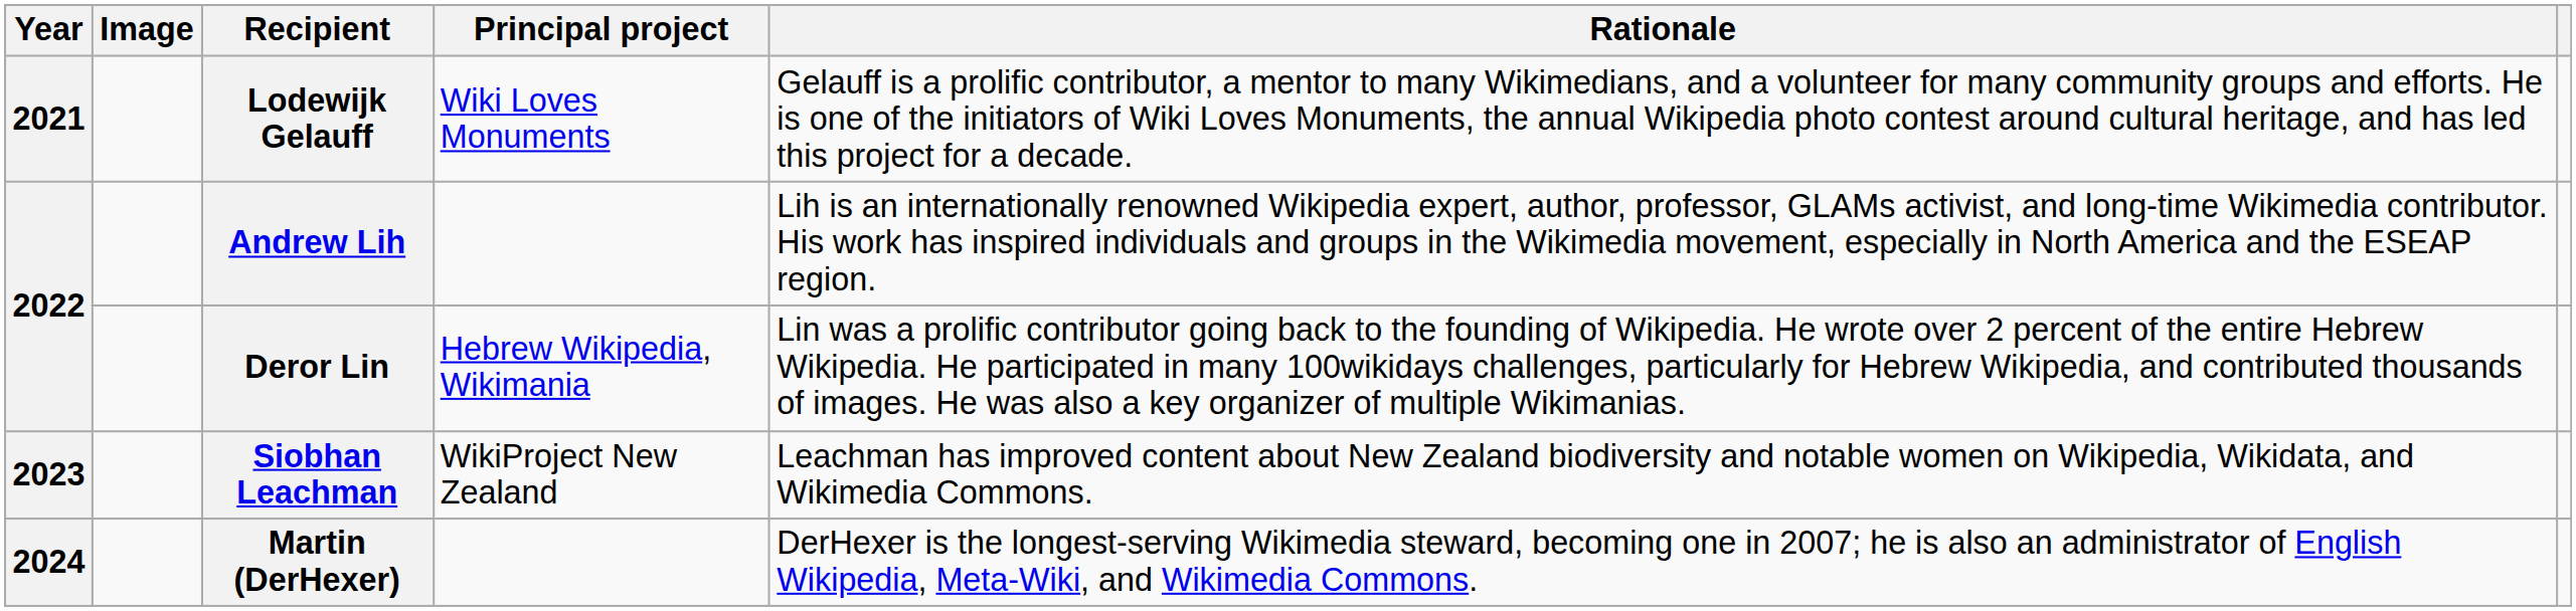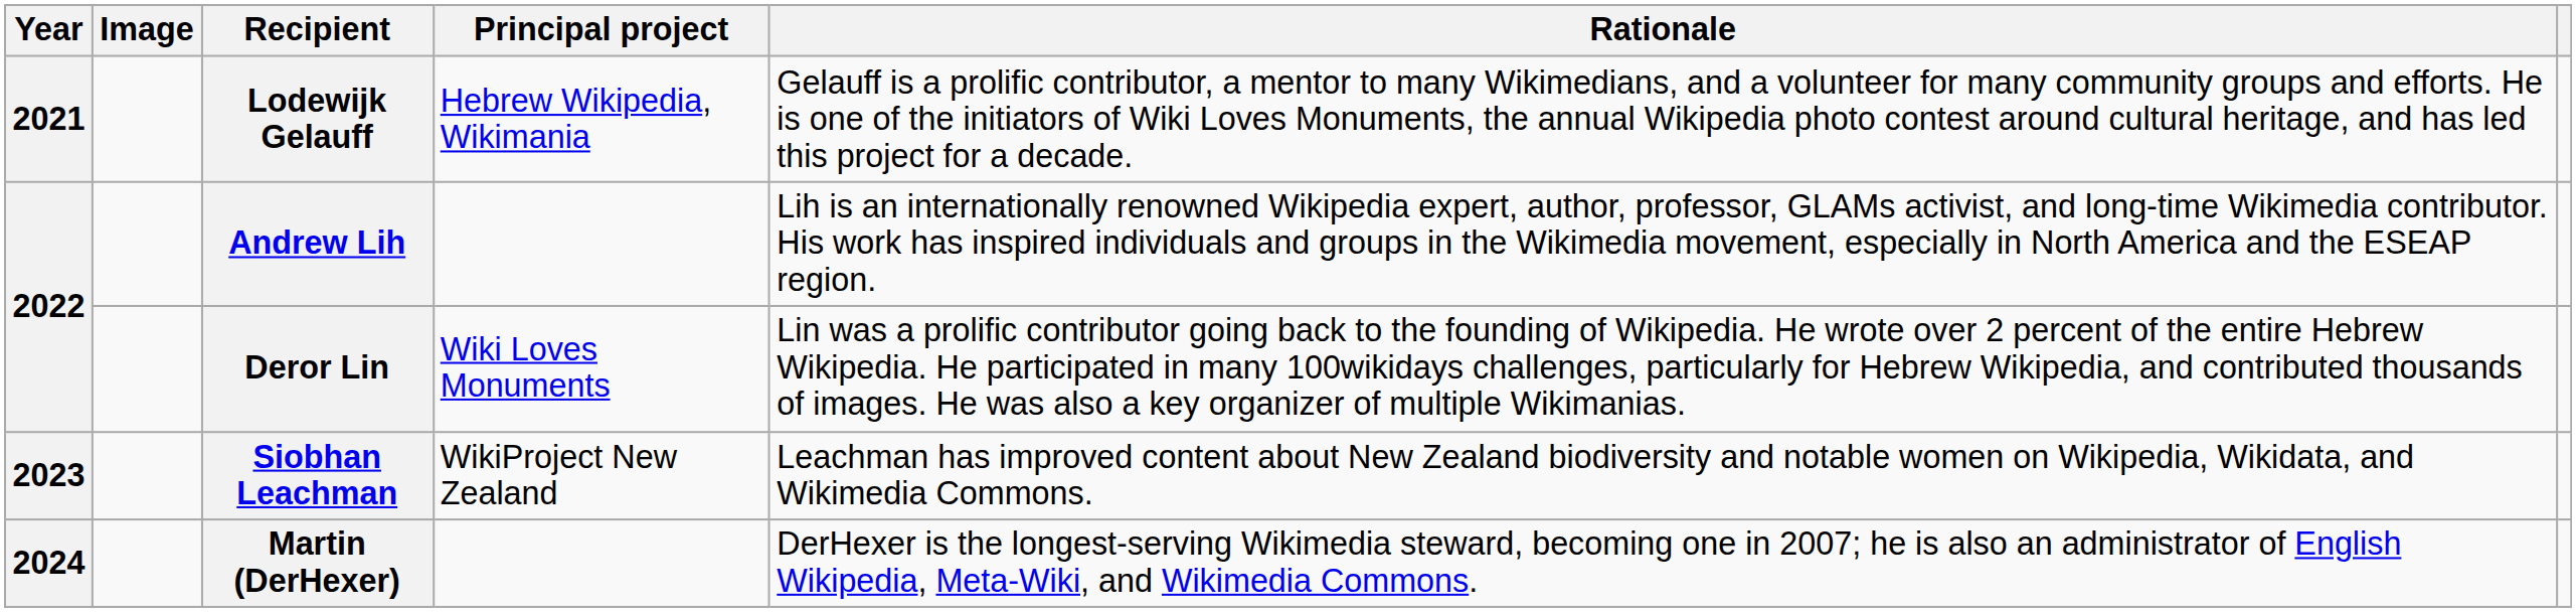 <table class="wikitable sortable plainrowheaders" style="width: 100%;">
 <tr>
 <th scope=col>Year</th>
 <th scope=col class=unsortable>Image</th>
 <th scope=col>Recipient</th>
 <th scope=col>Principal project</th>
 <th scope=col class=unsortable>Rationale</th>
 <th scope=col class=unsortable></th>
 </tr>
 <tr>
 <th>2021</th>
 <td></td>
 <th scope="row">Lodewijk Gelauff</th>
-<td><a href='#'>Wiki Loves Monuments</a></td>
+<td><a href='#'>Hebrew Wikipedia</a>, <a href='#'>Wikimania</a></td>
 <td>Gelauff is a prolific contributor, a mentor to many Wikimedians, and a volunteer for many community groups and efforts. He is one of the initiators of Wiki Loves Monuments, the annual Wikipedia photo contest around cultural heritage, and has led this project for a decade.</td>
 <td style="text-align:center;"></td>
 </tr>
 <tr>
 <th rowspan="2">2022</th>
 <td></td>
 <th scope="row"><a href='#'>Andrew Lih</a></th>
 <td></td>
 <td>Lih is an internationally renowned Wikipedia expert, author, professor, GLAMs activist, and long-time Wikimedia contributor. His work has inspired individuals and groups in the Wikimedia movement, especially in North America and the ESEAP region.</td>
 <td style="text-align:center;"></td>
 </tr>
 <tr>
 <td></td>
 <th scope="row">Deror Lin</th>
-<td><a href='#'>Hebrew Wikipedia</a>, <a href='#'>Wikimania</a></td>
+<td><a href='#'>Wiki Loves Monuments</a></td>
 <td>Lin was a prolific contributor going back to the founding of Wikipedia. He wrote over 2 percent of the entire Hebrew Wikipedia. He participated in many 100wikidays challenges, particularly for Hebrew Wikipedia, and contributed thousands of images. He was also a key organizer of multiple Wikimanias.</td>
 <td style="text-align:center;"></td>
 </tr>
 <tr>
 <th>2023</th>
 <td></td>
 <th scope="row"><a href='#'>Siobhan Leachman</a></th>
 <td>WikiProject New Zealand</td>
 <td>Leachman has improved content about New Zealand biodiversity and notable women on Wikipedia, Wikidata, and Wikimedia Commons.</td>
 <td style="text-align:center;"></td>
 </tr>
 <tr>
 <th>2024</th>
 <td></td>
 <th scope="row">Martin (DerHexer)</th>
 <td></td>
 <td>DerHexer is the longest-serving Wikimedia steward, becoming one in 2007; he is also an administrator of <a href='#'>English Wikipedia</a>, <a href='#'>Meta-Wiki</a>, and <a href='#'>Wikimedia Commons</a>.</td>
 <td style="text-align:center;"></td>
 </tr>
 </table>
